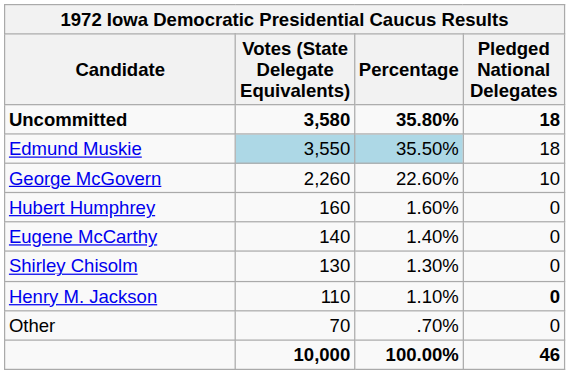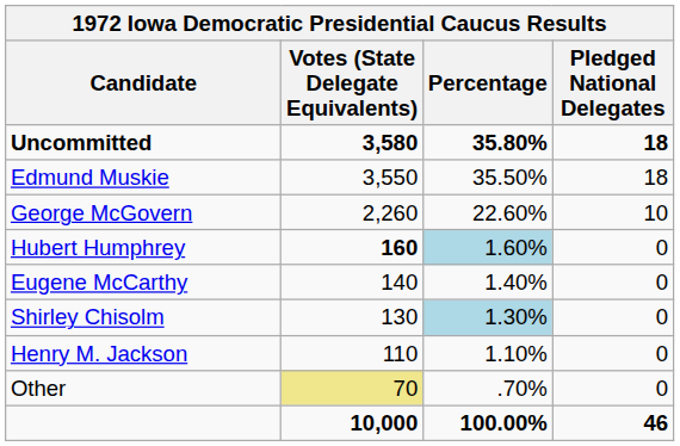 <table class="wikitable" style="font-size:95%;">
 <tr>
 <th colspan="4">1972 Iowa Democratic Presidential Caucus Results</th>
 </tr>
 <tr>
 <th style="width: 12em">Candidate</th>
 <th style="width: 5em">Votes (State Delegate Equivalents)</th>
 <th style="width: 5em">Percentage</th>
 <th style="width: 5em">Pledged National Delegates<br></th>
 </tr>
 <tr>
 <td><strong>Uncommitted</strong></td>
 <td align="right"><strong>3,580</strong></td>
 <td align="right"><strong>35.80%</strong></td>
 <td align="right"><strong>18</strong></td>
 </tr>
 <tr>
 <td><a href='#'>Edmund Muskie</a></td>
-<td align="right" style="background: lightblue;">3,550</td>
-<td align="right" style="background: lightblue;">35.50%</td>
+<td align="right">3,550</td>
+<td align="right">35.50%</td>
 <td align="right">18</td>
 </tr>
 <tr>
 <td><a href='#'>George McGovern</a></td>
 <td align="right">2,260</td>
 <td align="right">22.60%</td>
 <td align="right">10</td>
 </tr>
 <tr>
 <td><a href='#'>Hubert Humphrey</a></td>
-<td align="right">160</td>
-<td align="right">1.60%</td>
+<td align="right"><strong>160</strong></td>
+<td align="right" style="background: lightblue;">1.60%</td>
 <td align="right">0</td>
 </tr>
 <tr>
 <td><a href='#'>Eugene McCarthy</a></td>
 <td align="right">140</td>
 <td align="right">1.40%</td>
 <td align="right">0</td>
 </tr>
 <tr>
 <td><a href='#'>Shirley Chisolm</a></td>
 <td align="right">130</td>
-<td align="right">1.30%</td>
+<td align="right" style="background: lightblue;">1.30%</td>
 <td align="right">0</td>
 </tr>
 <tr>
 <td><a href='#'>Henry M. Jackson</a></td>
 <td align="right">110</td>
 <td align="right">1.10%</td>
-<td align="right"><strong>0</strong></td>
+<td align="right">0</td>
 </tr>
 <tr>
 <td>Other</td>
-<td align="right">70</td>
+<td align="right" style="background: khaki;">70</td>
 <td align="right">.70%</td>
 <td align="right">0</td>
 </tr>
 <tr>
 <td></td>
 <td align="right"><strong>10,000</strong></td>
 <td align="right"><strong>100.00%</strong></td>
 <td align="right"><strong>46</strong></td>
 </tr>
 </table>
